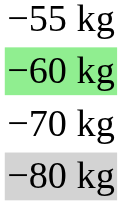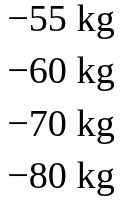 <table>
 <tr>
 <td>−55 kg</td>
 <td></td>
 <td></td>
 <td></td>
 </tr>
 <tr>
-<td style="background: lightgreen;">−60 kg</td>
+<td>−60 kg</td>
 <td></td>
 <td></td>
 <td></td>
 </tr>
 <tr>
 <td>−70 kg</td>
 <td></td>
 <td></td>
 <td></td>
 </tr>
 <tr>
-<td style="background: lightgrey;">−80 kg</td>
+<td>−80 kg</td>
 <td></td>
 <td></td>
 <td></td>
 </tr>
 </table>
